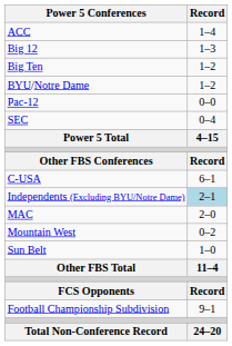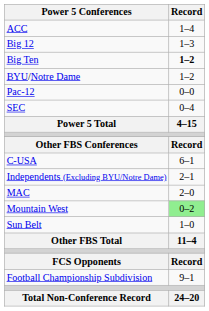 <table class="wikitable">
 <tr>
 <th>Power 5 Conferences</th>
 <th>Record</th>
 </tr>
 <tr>
 <td><a href='#'>ACC</a></td>
 <td align=center>1–4</td>
 </tr>
 <tr>
 <td><a href='#'>Big 12</a></td>
 <td align=center>1–3</td>
 </tr>
 <tr>
 <td><a href='#'>Big Ten</a></td>
-<td align=center>1–2</td>
+<td align=center><strong>1–2</strong></td>
 </tr>
 <tr>
 <td><a href='#'>BYU</a>/<a href='#'>Notre Dame</a></td>
 <td align=center>1–2</td>
 </tr>
 <tr>
 <td><a href='#'>Pac-12</a></td>
 <td align=center>0–0</td>
 </tr>
 <tr>
 <td><a href='#'>SEC</a></td>
 <td align=center>0–4</td>
 </tr>
 <tr>
 <th>Power 5 Total</th>
 <th>4–15</th>
 </tr>
 <tr>
 <th colspan="2" style="background:lightgrey;"></th>
 </tr>
 <tr>
 <th>Other FBS Conferences</th>
 <th>Record</th>
 </tr>
 <tr>
 <td><a href='#'>C-USA</a></td>
 <td align=center>6–1</td>
 </tr>
 <tr>
 <td><a href='#'>Independents <small>(Excluding BYU/Notre Dame)</small></a></td>
-<td align=center style="background: lightblue;">2–1</td>
+<td align=center>2–1</td>
 </tr>
 <tr>
 <td><a href='#'>MAC</a></td>
 <td align=center>2–0</td>
 </tr>
 <tr>
 <td><a href='#'>Mountain West</a></td>
-<td align=center>0–2</td>
+<td align=center style="background: lightgreen;">0–2</td>
 </tr>
 <tr>
 <td><a href='#'>Sun Belt</a></td>
 <td align=center>1–0</td>
 </tr>
 <tr>
 <th>Other FBS Total</th>
 <th>11–4</th>
 </tr>
 <tr>
 <th colspan="2" style="background:lightgrey;"></th>
 </tr>
 <tr>
 <th>FCS Opponents</th>
 <th>Record</th>
 </tr>
 <tr>
 <td><a href='#'>Football Championship Subdivision</a></td>
 <td align=center>9–1</td>
 </tr>
 <tr>
 <th colspan="2" style="background:lightgrey;"></th>
 </tr>
 <tr>
 <th>Total Non-Conference Record</th>
 <th>24–20</th>
 </tr>
 </table>
